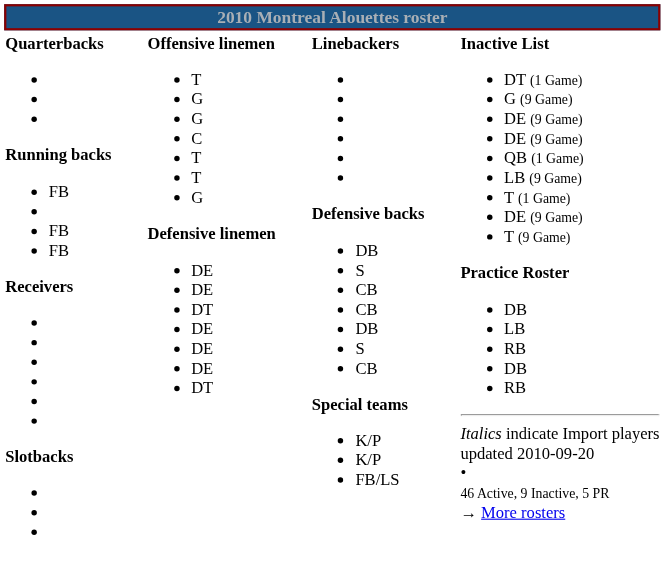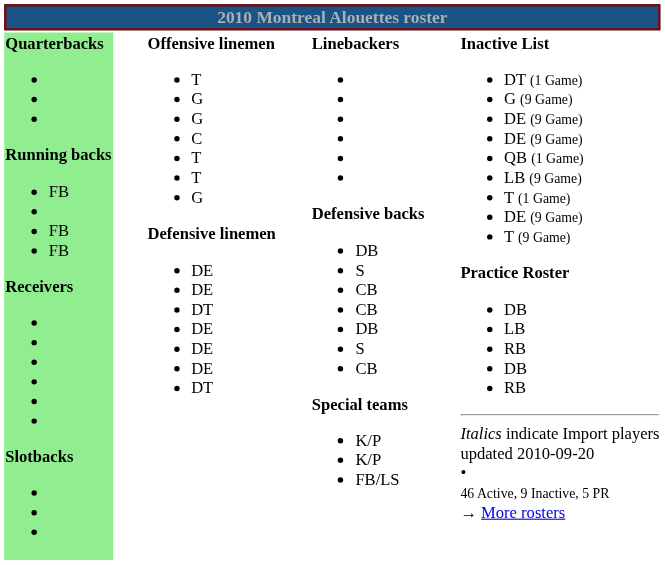 <table class="toccolours" style="text-align: left;">
 <tr>
 <th colspan="7" style="background-color: #1A5484; color:#A9AFB5; border:2px solid darkred; text-align: center">2010 Montreal Alouettes roster</th>
 </tr>
 <tr>
-<td style="font-size: 95%;" valign="top"><strong>Quarterbacks</strong><br><ul><li></li><li></li><li></li></ul><strong>Running backs</strong><ul><li> FB</li><li></li><li> FB</li><li> FB</li></ul><strong>Receivers</strong><ul><li></li><li></li><li></li><li></li><li></li><li></li></ul><strong>Slotbacks</strong><ul><li></li><li></li><li></li></ul></td>
+<td style="background: lightgreen; font-size: 95%;" valign="top"><strong>Quarterbacks</strong><br><ul><li></li><li></li><li></li></ul><strong>Running backs</strong><ul><li> FB</li><li></li><li> FB</li><li> FB</li></ul><strong>Receivers</strong><ul><li></li><li></li><li></li><li></li><li></li><li></li></ul><strong>Slotbacks</strong><ul><li></li><li></li><li></li></ul></td>
 <td style="width: 25px;"></td>
 <td style="font-size: 95%;" valign="top"><strong>Offensive linemen</strong><br><ul><li> T</li><li> G</li><li> G</li><li> C</li><li> T</li><li> T</li><li> G</li></ul><strong>Defensive linemen</strong><ul><li> DE</li><li> DE</li><li> DT</li><li> DE</li><li> DE</li><li> DE</li><li> DT</li></ul></td>
 <td style="width: 25px;"></td>
 <td style="font-size: 95%;" valign="top"><strong>Linebackers</strong><br><ul><li></li><li></li><li></li><li></li><li></li><li></li></ul><strong>Defensive backs</strong><ul><li> DB</li><li> S</li><li> CB</li><li> CB</li><li> DB</li><li> S</li><li> CB</li></ul><strong>Special teams</strong><ul><li> K/P</li><li> K/P</li><li> FB/LS</li></ul></td>
 <td style="width: 25px;"></td>
 <td style="font-size: 95%;" valign="top"><strong>Inactive List</strong><br><ul><li> DT  <small>(1 Game)</small></li><li> G  <small>(9 Game)</small></li><li> DE  <small>(9 Game)</small></li><li> DE  <small>(9 Game)</small></li><li> QB  <small>(1 Game)</small></li><li> LB  <small>(9 Game)</small></li><li> T  <small>(1 Game)</small></li><li> DE  <small>(9 Game)</small></li><li> T  <small>(9 Game)</small></li></ul><strong>Practice Roster</strong><ul><li> DB</li><li> LB</li><li> RB</li><li> DB</li><li> RB</li></ul><hr> <em>Italics</em> indicate Import players<br> <span></span> updated 2010-09-20<br> <span></span> • <span></span><br> <small>46 Active, 9 Inactive, 5 PR</small><br>→ <a href='#'>More rosters</a></td>
 </tr>
 <tr>
 </tr>
 </table>
